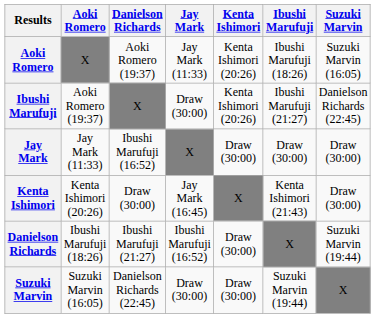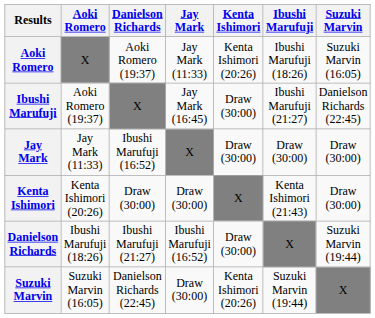 <table class="wikitable" style="text-align:center; margin: 1em auto 1em auto">
 <tr align="center">
 <th>Results</th>
 <th><a href='#'>Aoki</a><br><a href='#'>Romero</a></th>
 <th><a href='#'>Danielson</a><br><a href='#'>Richards</a></th>
 <th><a href='#'>Jay</a><br><a href='#'>Mark</a></th>
 <th><a href='#'>Kenta</a><br><a href='#'>Ishimori</a></th>
 <th><a href='#'>Ibushi</a><br><a href='#'>Marufuji</a></th>
 <th><a href='#'>Suzuki</a><br><a href='#'>Marvin</a></th>
 </tr>
 <tr align="center">
 <th><a href='#'>Aoki</a><br><a href='#'>Romero</a></th>
 <td bgcolor=grey>X</td>
 <td>Aoki<br>Romero<br>(19:37)</td>
 <td>Jay<br>Mark<br>(11:33)</td>
 <td>Kenta<br>Ishimori<br>(20:26)</td>
 <td>Ibushi<br>Marufuji<br>(18:26)</td>
 <td>Suzuki<br>Marvin<br>(16:05)</td>
 </tr>
 <tr align="center">
 <th><a href='#'>Ibushi</a><br><a href='#'>Marufuji</a></th>
 <td>Aoki<br>Romero<br>(19:37)</td>
 <td bgcolor=grey>X</td>
+<td>Jay<br>Mark<br>(16:45)</td>
 <td>Draw<br> (30:00)</td>
-<td>Kenta<br>Ishimori<br>(20:26)</td>
 <td>Ibushi<br>Marufuji<br>(21:27)</td>
 <td>Danielson<br>Richards<br>(22:45)</td>
 </tr>
 <tr align="center">
 <th><a href='#'>Jay</a><br><a href='#'>Mark</a></th>
 <td>Jay<br>Mark<br>(11:33)</td>
 <td>Ibushi<br>Marufuji<br>(16:52)</td>
 <td bgcolor=grey>X</td>
 <td>Draw<br> (30:00)</td>
 <td>Draw<br> (30:00)</td>
 <td>Draw<br> (30:00)</td>
 </tr>
 <tr align="center">
 <th><a href='#'>Kenta</a><br><a href='#'>Ishimori</a></th>
 <td>Kenta<br>Ishimori<br>(20:26)</td>
 <td>Draw<br> (30:00)</td>
-<td>Jay<br>Mark<br>(16:45)</td>
+<td>Draw<br> (30:00)</td>
 <td bgcolor=grey>X</td>
 <td>Kenta<br>Ishimori<br>(21:43)</td>
 <td>Draw<br> (30:00)</td>
 </tr>
 <tr align="center">
 <th><a href='#'>Danielson</a><br><a href='#'>Richards</a></th>
 <td>Ibushi<br>Marufuji<br>(18:26)</td>
 <td>Ibushi<br>Marufuji<br>(21:27)</td>
 <td>Ibushi<br>Marufuji<br>(16:52)</td>
 <td>Draw<br> (30:00)</td>
 <td bgcolor=grey>X</td>
 <td>Suzuki<br>Marvin<br>(19:44)</td>
 </tr>
 <tr align="center">
 <th><a href='#'>Suzuki</a><br><a href='#'>Marvin</a></th>
 <td>Suzuki<br>Marvin<br>(16:05)</td>
 <td>Danielson<br>Richards<br>(22:45)</td>
 <td>Draw<br> (30:00)</td>
-<td>Draw<br> (30:00)</td>
+<td>Kenta<br>Ishimori<br>(20:26)</td>
 <td>Suzuki<br>Marvin<br>(19:44)</td>
 <td bgcolor=grey>X</td>
 </tr>
 </table>
